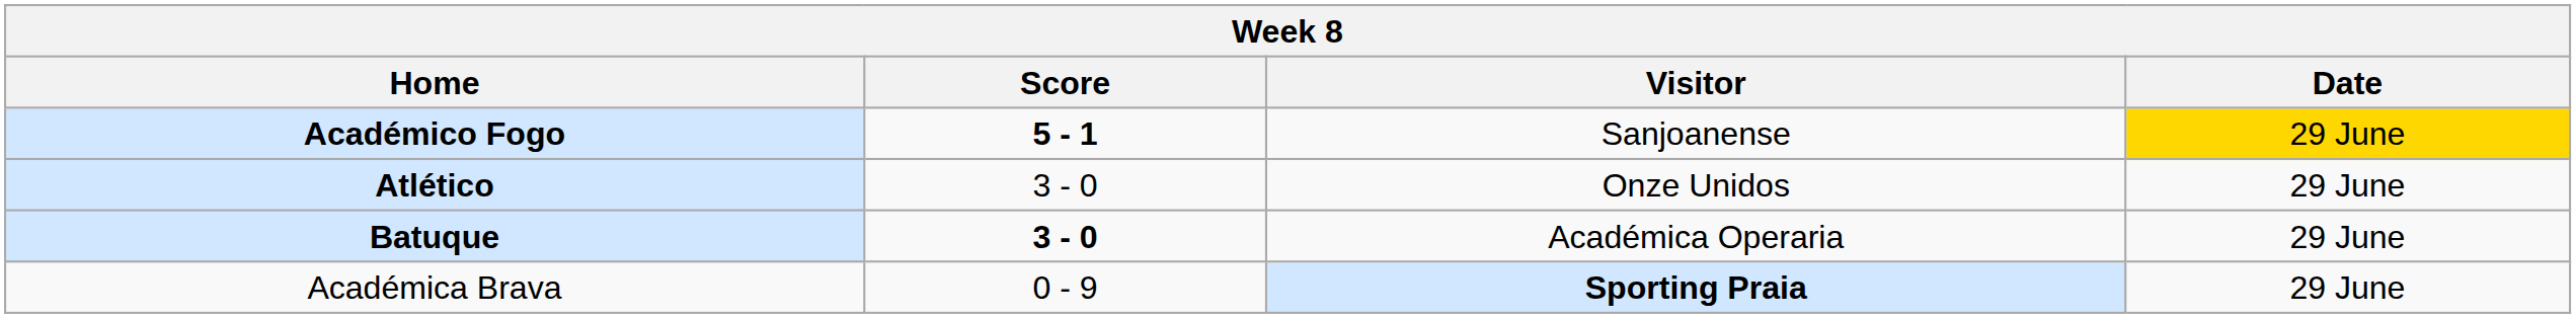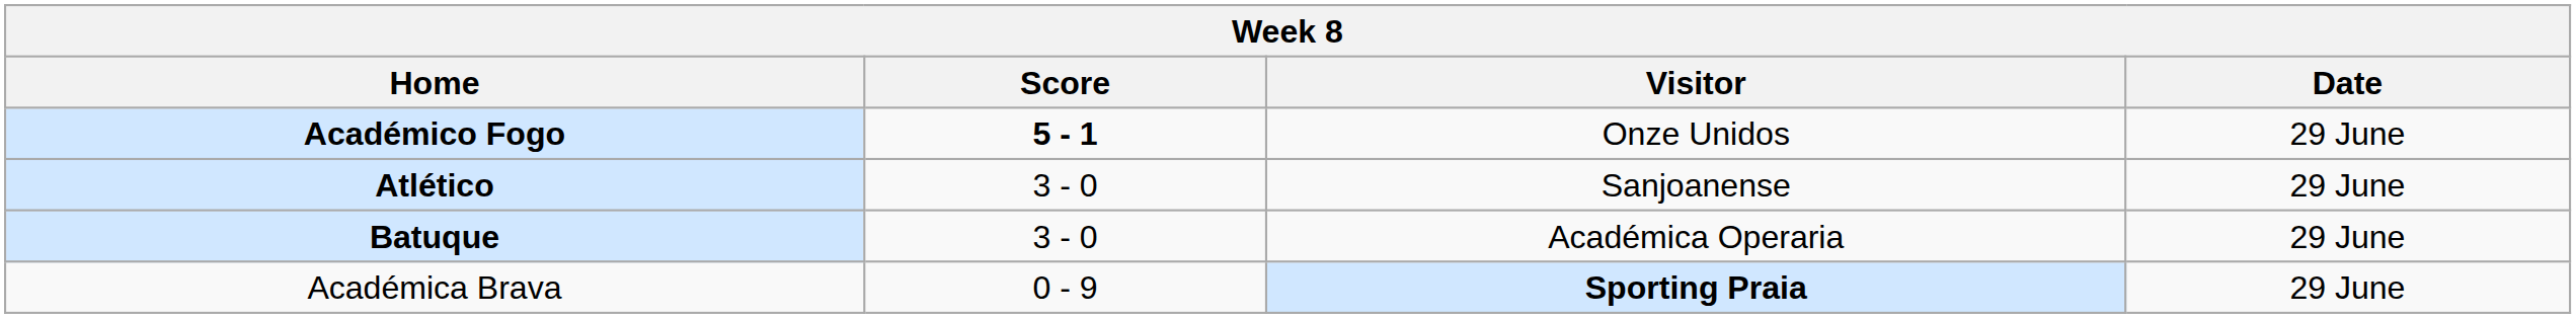 <table class="wikitable" style="font-size:95%; text-align: center; width: 95%;">
 <tr>
 <th colspan="12" style="with: 100%;" align=center>Week 8</th>
 </tr>
 <tr>
 <th width="200">Home</th>
 <th width="90">Score</th>
 <th width="200">Visitor</th>
 <th width="100">Date</th>
 </tr>
 <tr align=center>
 <td bgcolor=#D0E7FF><strong>Académico Fogo</strong></td>
 <td><strong>5 - 1</strong></td>
-<td>Sanjoanense</td>
-<td style="background: gold;">29 June</td>
+<td>Onze Unidos</td>
+<td>29 June</td>
 </tr>
 <tr align=center>
 <td bgcolor=#D0E7FF><strong>Atlético</strong></td>
 <td>3 - 0</td>
-<td>Onze Unidos</td>
+<td>Sanjoanense</td>
 <td>29 June</td>
 </tr>
 <tr align=center>
 <td bgcolor=#D0E7FF><strong>Batuque</strong></td>
-<td><strong>3 - 0</strong></td>
+<td>3 - 0</td>
 <td>Académica Operaria</td>
 <td>29 June</td>
 </tr>
 <tr align=center>
 <td>Académica Brava</td>
 <td>0 - 9</td>
 <td bgcolor=#D0E7FF><strong>Sporting Praia</strong></td>
 <td>29 June</td>
 </tr>
 </table>
